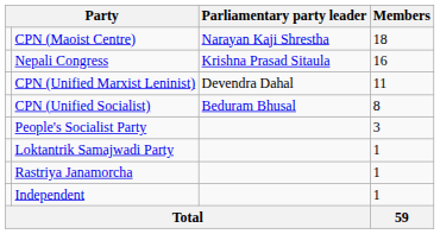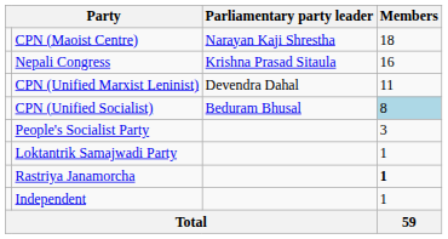 <table class="wikitable">
 <tr>
 <th colspan="2">Party</th>
 <th>Parliamentary party leader</th>
 <th>Members</th>
 </tr>
 <tr>
 <td></td>
 <td><a href='#'>CPN (Maoist Centre)</a></td>
 <td><a href='#'>Narayan Kaji Shrestha</a></td>
 <td>18</td>
 </tr>
 <tr>
 <td></td>
 <td><a href='#'>Nepali Congress</a></td>
 <td><a href='#'>Krishna Prasad Sitaula</a></td>
 <td>16</td>
 </tr>
 <tr>
 <td></td>
 <td><a href='#'>CPN (Unified Marxist Leninist)</a></td>
 <td>Devendra Dahal</td>
 <td>11</td>
 </tr>
 <tr>
 <td></td>
 <td><a href='#'>CPN (Unified Socialist)</a></td>
 <td><a href='#'>Beduram Bhusal</a></td>
-<td>8</td>
+<td style="background: lightblue;">8</td>
 </tr>
 <tr>
 <td></td>
 <td><a href='#'>People's Socialist Party</a></td>
 <td></td>
 <td>3</td>
 </tr>
 <tr>
 <td></td>
 <td><a href='#'>Loktantrik Samajwadi Party</a></td>
 <td></td>
 <td>1</td>
 </tr>
 <tr>
 <td></td>
 <td><a href='#'>Rastriya Janamorcha</a></td>
 <td></td>
-<td>1</td>
+<td><strong>1</strong></td>
 </tr>
 <tr>
 <td></td>
 <td><a href='#'>Independent</a></td>
 <td></td>
 <td>1</td>
 </tr>
 <tr>
 <th colspan="3">Total</th>
 <th>59</th>
 </tr>
 </table>
